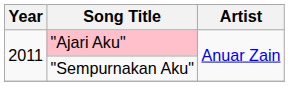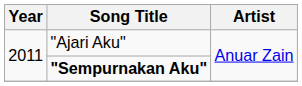 <table class="wikitable">
 <tr>
 <th>Year</th>
 <th>Song Title</th>
 <th>Artist</th>
 </tr>
 <tr>
 <td rowspan="2">2011</td>
-<td style="background: pink;">"Ajari Aku"</td>
+<td>"Ajari Aku"</td>
 <td rowspan="2"><a href='#'>Anuar Zain</a></td>
 </tr>
 <tr>
-<td>"Sempurnakan Aku"</td>
+<td><strong>"Sempurnakan Aku"</strong></td>
 </tr>
 <tr>
 </tr>
 </table>
